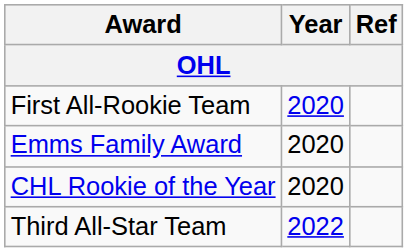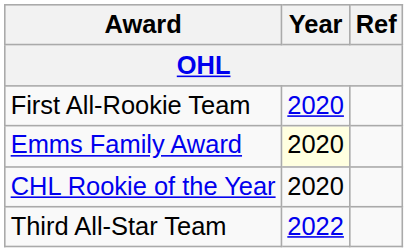 <table class="wikitable">
 <tr>
 <th>Award</th>
 <th>Year</th>
 <th>Ref</th>
 </tr>
 <tr>
 <th colspan="3"><a href='#'>OHL</a></th>
 </tr>
 <tr>
 <td>First All-Rookie Team</td>
 <td><a href='#'>2020</a></td>
 <td></td>
 </tr>
 <tr>
 <td><a href='#'>Emms Family Award</a></td>
-<td>2020</td>
+<td style="background: lightyellow;">2020</td>
 <td></td>
 </tr>
 <tr>
 <td><a href='#'>CHL Rookie of the Year</a></td>
 <td>2020</td>
 <td></td>
 </tr>
 <tr>
 <td>Third All-Star Team</td>
 <td><a href='#'>2022</a></td>
 <td></td>
 </tr>
 </table>
